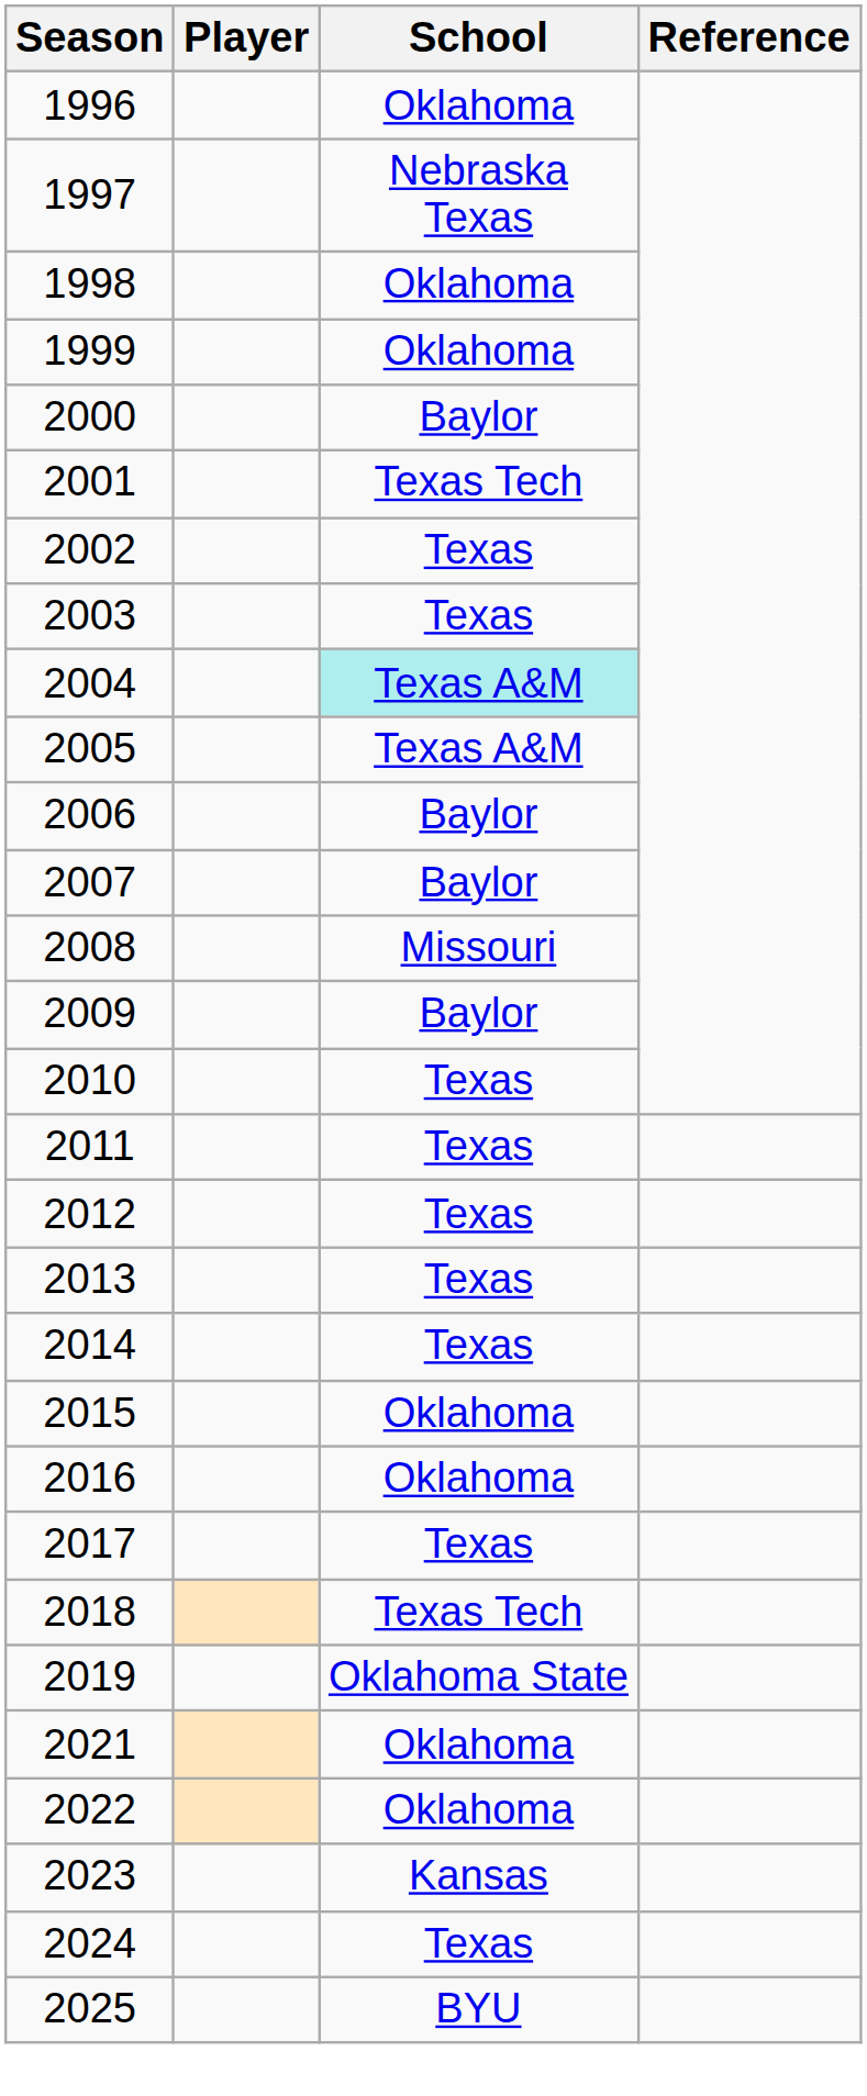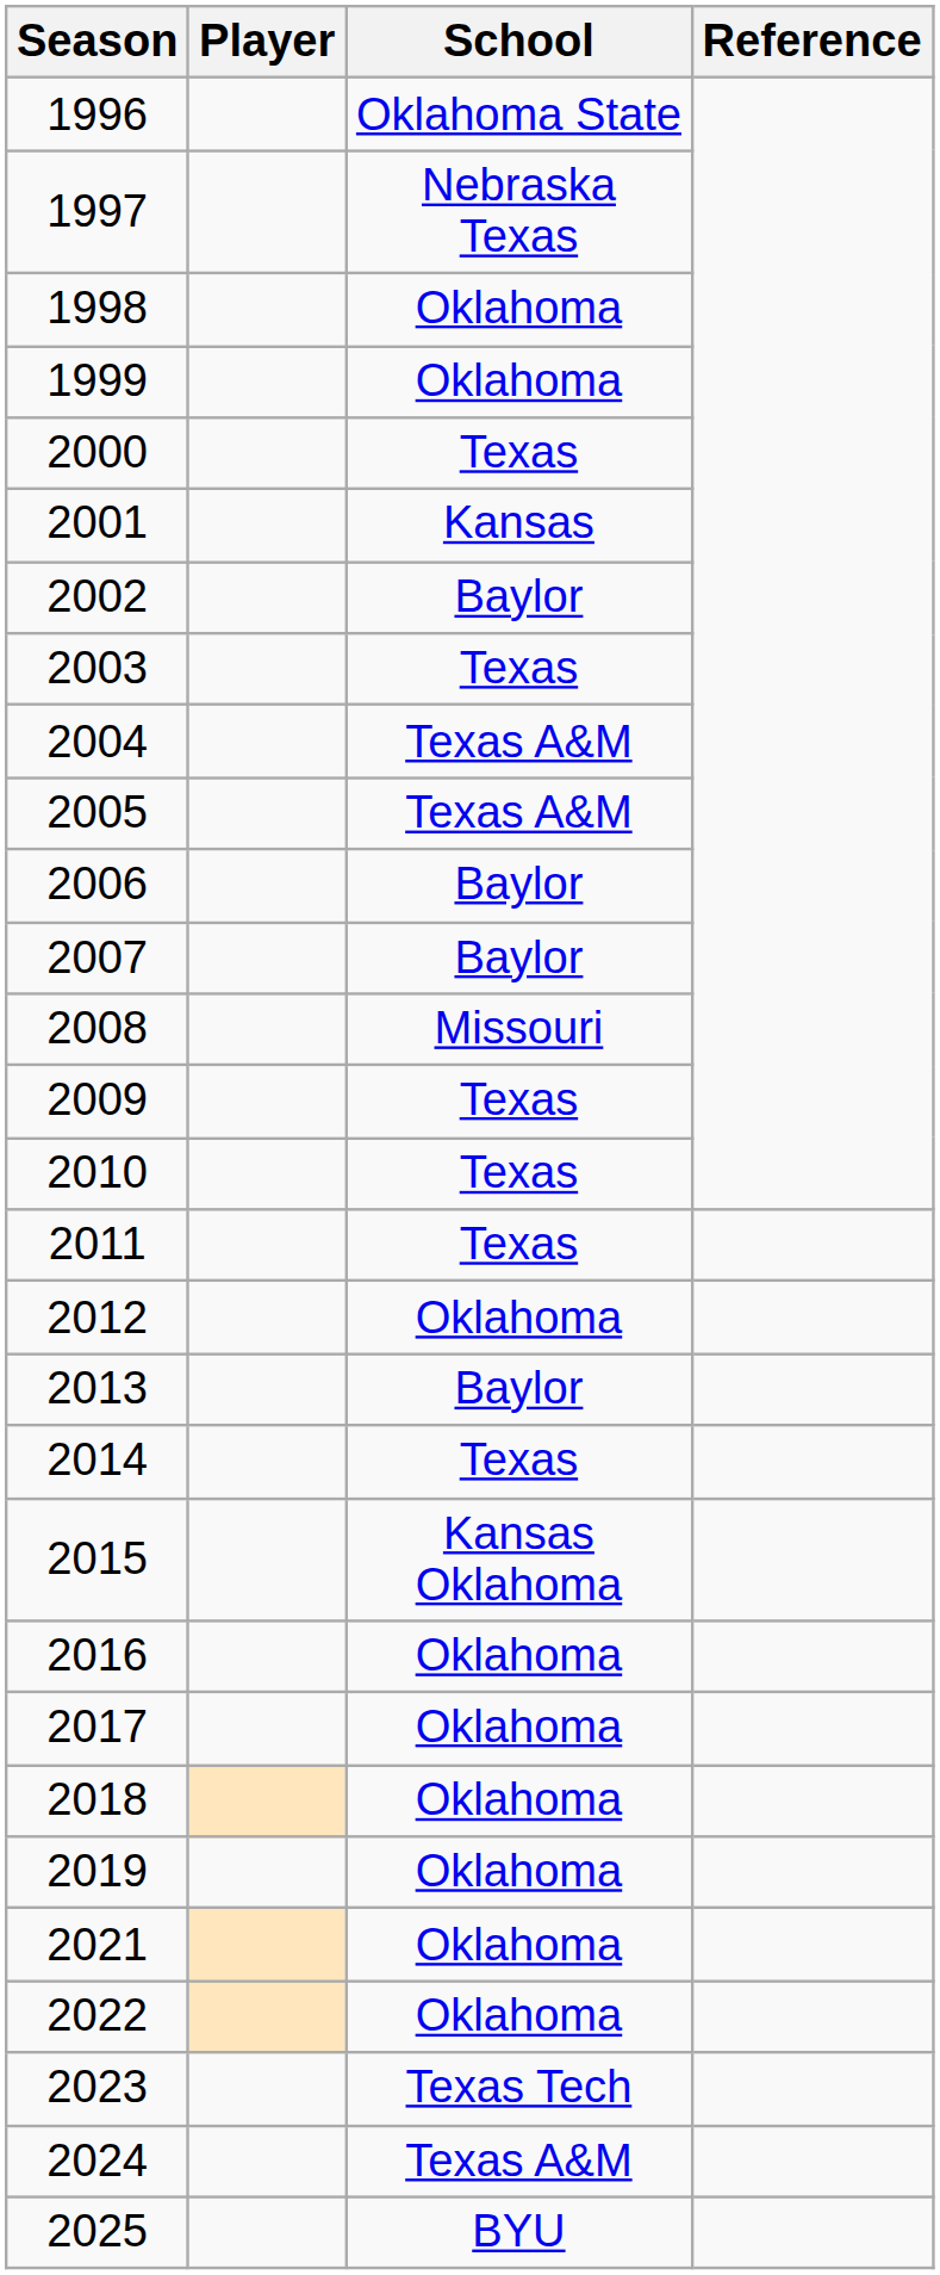 <table class="wikitable sortable">
 <tr>
 <th>Season</th>
 <th>Player</th>
 <th>School</th>
 <th class="unsortable">Reference</th>
 </tr>
 <tr align=center>
 <td>1996</td>
 <td></td>
-<td><a href='#'>Oklahoma</a></td>
+<td><a href='#'>Oklahoma State</a></td>
 <td rowspan="15"></td>
 </tr>
 <tr align=center>
 <td>1997</td>
 <td><br></td>
 <td><a href='#'>Nebraska</a><br><a href='#'>Texas</a></td>
 </tr>
 <tr align=center>
 <td>1998</td>
 <td></td>
 <td><a href='#'>Oklahoma</a></td>
 </tr>
 <tr align=center>
 <td>1999</td>
 <td></td>
 <td><a href='#'>Oklahoma</a></td>
 </tr>
 <tr align=center>
 <td>2000</td>
 <td></td>
-<td><a href='#'>Baylor</a></td>
+<td><a href='#'>Texas</a></td>
 </tr>
 <tr align=center>
 <td>2001</td>
 <td></td>
-<td><a href='#'>Texas Tech</a></td>
+<td><a href='#'>Kansas</a></td>
 </tr>
 <tr align=center>
 <td>2002</td>
 <td></td>
-<td><a href='#'>Texas</a></td>
+<td><a href='#'>Baylor</a></td>
 </tr>
 <tr align=center>
 <td>2003</td>
 <td></td>
 <td><a href='#'>Texas</a></td>
 </tr>
 <tr align=center>
 <td>2004</td>
 <td></td>
-<td style="background: paleturquoise;"><a href='#'>Texas A&M</a></td>
+<td><a href='#'>Texas A&M</a></td>
 </tr>
 <tr align=center>
 <td>2005</td>
 <td></td>
 <td><a href='#'>Texas A&M</a></td>
 </tr>
 <tr align=center>
 <td>2006</td>
 <td></td>
 <td><a href='#'>Baylor</a></td>
 </tr>
 <tr align=center>
 <td>2007</td>
 <td></td>
 <td><a href='#'>Baylor</a></td>
 </tr>
 <tr align=center>
 <td>2008</td>
 <td></td>
 <td><a href='#'>Missouri</a></td>
 </tr>
 <tr align=center>
 <td>2009</td>
 <td></td>
-<td><a href='#'>Baylor</a></td>
+<td><a href='#'>Texas</a></td>
 </tr>
 <tr align=center>
 <td>2010</td>
 <td></td>
 <td><a href='#'>Texas</a></td>
 </tr>
 <tr align=center>
 <td>2011</td>
 <td></td>
 <td><a href='#'>Texas</a></td>
 <td style="text-align:center;"></td>
 </tr>
 <tr align=center>
 <td>2012</td>
 <td></td>
-<td><a href='#'>Texas</a></td>
+<td><a href='#'>Oklahoma</a></td>
 <td style="text-align:center;"></td>
 </tr>
 <tr align=center>
 <td>2013</td>
 <td></td>
-<td><a href='#'>Texas</a></td>
+<td><a href='#'>Baylor</a></td>
 <td style="text-align:center;"></td>
 </tr>
 <tr align=center>
 <td>2014</td>
 <td></td>
 <td><a href='#'>Texas</a></td>
 <td style="text-align:center;"></td>
 </tr>
 <tr align=center>
 <td>2015</td>
 <td> <br></td>
-<td><a href='#'>Oklahoma</a></td>
+<td><a href='#'>Kansas</a><br><a href='#'>Oklahoma</a></td>
 <td style="text-align:center;"></td>
 </tr>
 <tr align=center>
 <td>2016</td>
 <td></td>
 <td><a href='#'>Oklahoma</a></td>
 <td style="text-align:center;"></td>
 </tr>
 <tr align=center>
 <td>2017</td>
 <td></td>
-<td><a href='#'>Texas</a></td>
+<td><a href='#'>Oklahoma</a></td>
 <td style="text-align:center;"></td>
 </tr>
 <tr align=center>
 <td>2018</td>
 <td style="background:#ffe6bd;"></td>
-<td><a href='#'>Texas Tech</a></td>
+<td><a href='#'>Oklahoma</a></td>
 <td style="text-align:center;"></td>
 </tr>
 <tr align=center>
 <td>2019</td>
 <td></td>
-<td><a href='#'>Oklahoma State</a></td>
+<td><a href='#'>Oklahoma</a></td>
 <td style="text-align:center;"></td>
 </tr>
 <tr align=center>
 <td>2021</td>
 <td style="background:#ffe6bd;"></td>
 <td><a href='#'>Oklahoma</a></td>
 <td style="text-align:center;"></td>
 </tr>
 <tr align=center>
 <td>2022</td>
 <td style="background:#ffe6bd;"></td>
 <td><a href='#'>Oklahoma</a></td>
 <td style="text-align:center;"></td>
 </tr>
 <tr align=center>
 <td>2023</td>
 <td></td>
-<td><a href='#'>Kansas</a></td>
+<td><a href='#'>Texas Tech</a></td>
 <td style="text-align:center;"></td>
 </tr>
 <tr align=center>
 <td>2024</td>
 <td></td>
-<td><a href='#'>Texas</a></td>
+<td><a href='#'>Texas A&M</a></td>
 <td style="text-align:center;"></td>
 </tr>
 <tr align=center>
 <td>2025</td>
 <td></td>
 <td><a href='#'>BYU</a></td>
 <td style="text-align:center;"></td>
 </tr>
 </table>
